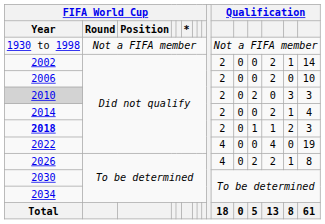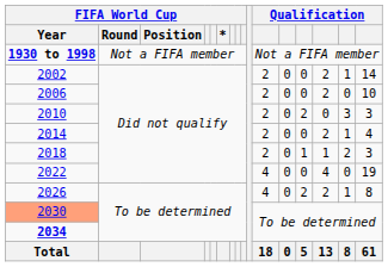 <table class="wikitable" style="text-align: center;">
 <tr>
 <th colspan=9><a href='#'>FIFA World Cup</a></th>
 <th rowspan=28></th>
 <th colspan=6><a href='#'>Qualification</a></th>
 </tr>
 <tr>
 <th>Year</th>
 <th>Round</th>
 <th>Position</th>
 <th></th>
 <th></th>
 <th>*</th>
 <th></th>
 <th></th>
 <th></th>
 <th></th>
 <th></th>
 <th></th>
 <th></th>
 <th></th>
 <th></th>
 </tr>
 <tr>
-<td><a href='#'>1930</a> to <a href='#'>1998</a></td>
+<td><strong><a href='#'>1930</a> to <a href='#'>1998</a></strong></td>
 <td colspan=8><em>Not a FIFA member</em></td>
 <td colspan=6><em>Not a FIFA member</em></td>
 </tr>
 <tr>
 <td>  <a href='#'>2002</a></td>
 <td colspan=8 rowspan=6><em>Did not qualify</em></td>
 <td>2</td>
 <td>0</td>
 <td>0</td>
 <td>2</td>
 <td>1</td>
 <td>14</td>
 </tr>
 <tr>
 <td> <a href='#'>2006</a></td>
 <td>2</td>
 <td>0</td>
 <td>0</td>
 <td>2</td>
 <td>0</td>
 <td>10</td>
 </tr>
 <tr>
-<td style="background: lightgrey;"> <a href='#'>2010</a></td>
+<td> <a href='#'>2010</a></td>
 <td>2</td>
 <td>0</td>
 <td>2</td>
 <td>0</td>
 <td>3</td>
 <td>3</td>
 </tr>
 <tr>
 <td> <a href='#'>2014</a></td>
 <td>2</td>
 <td>0</td>
 <td>0</td>
 <td>2</td>
 <td>1</td>
 <td>4</td>
 </tr>
 <tr>
-<td><strong> <a href='#'>2018</a></strong></td>
+<td> <a href='#'>2018</a></td>
 <td>2</td>
 <td>0</td>
 <td>1</td>
 <td>1</td>
 <td>2</td>
 <td>3</td>
 </tr>
 <tr>
 <td> <a href='#'>2022</a></td>
 <td>4</td>
 <td>0</td>
 <td>0</td>
 <td>4</td>
 <td>0</td>
 <td>19</td>
 </tr>
 <tr>
 <td>   <a href='#'>2026</a></td>
 <td colspan=8 rowspan=3><em>To be determined</em></td>
 <td>4</td>
 <td>0</td>
 <td>2</td>
 <td>2</td>
 <td>1</td>
 <td>8</td>
 </tr>
 <tr>
-<td>   <a href='#'>2030</a></td>
+<td style="background: lightsalmon;">   <a href='#'>2030</a></td>
 <td colspan=6 rowspan=2><em>To be determined</em></td>
 </tr>
 <tr>
-<td> <a href='#'>2034</a></td>
+<td><strong> <a href='#'>2034</a></strong></td>
 </tr>
 <tr>
 <th>Total</th>
 <th></th>
 <th></th>
 <th></th>
 <th></th>
 <th></th>
 <th></th>
 <th></th>
 <th></th>
 <th>18</th>
 <th>0</th>
 <th>5</th>
 <th>13</th>
 <th>8</th>
 <th>61</th>
 </tr>
 </table>
